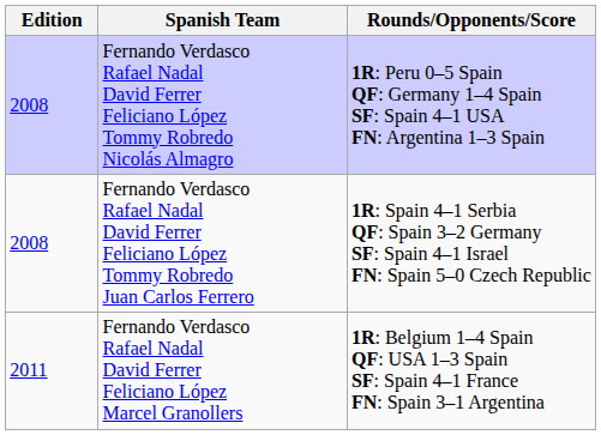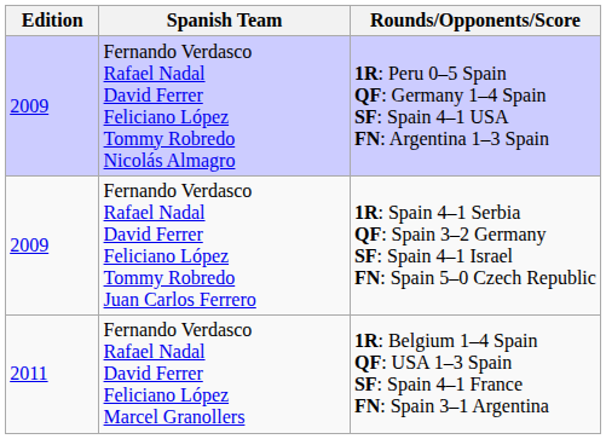 <table class=wikitable>
 <tr>
 <th width=70>Edition</th>
 <th width=200> Spanish Team</th>
 <th width=200>Rounds/Opponents/Score</th>
 </tr>
 <tr bgcolor=CCCCFF>
-<td><a href='#'>2008</a></td>
+<td><a href='#'>2009</a></td>
 <td>Fernando Verdasco<br><a href='#'>Rafael Nadal</a><br><a href='#'>David Ferrer</a><br><a href='#'>Feliciano López</a><br><a href='#'>Tommy Robredo</a><br><a href='#'>Nicolás Almagro</a></td>
 <td><strong>1R</strong>: Peru 0–5 Spain<br><strong>QF</strong>: Germany 1–4 Spain<br><strong>SF</strong>: Spain 4–1 USA<br><strong>FN</strong>: Argentina 1–3 Spain<br></td>
 </tr>
 <tr>
-<td><a href='#'>2008</a></td>
+<td><a href='#'>2009</a></td>
 <td>Fernando Verdasco<br><a href='#'>Rafael Nadal</a><br><a href='#'>David Ferrer</a><br><a href='#'>Feliciano López</a><br><a href='#'>Tommy Robredo</a><br><a href='#'>Juan Carlos Ferrero</a></td>
 <td><strong>1R</strong>: Spain 4–1 Serbia<br><strong>QF</strong>: Spain 3–2 Germany<br><strong>SF</strong>: Spain 4–1 Israel<br><strong>FN</strong>: Spain 5–0 Czech Republic<br></td>
 </tr>
 <tr>
 <td><a href='#'>2011</a></td>
 <td>Fernando Verdasco<br><a href='#'>Rafael Nadal</a><br><a href='#'>David Ferrer</a><br><a href='#'>Feliciano López</a><br><a href='#'>Marcel Granollers</a></td>
 <td><strong>1R</strong>: Belgium 1–4 Spain<br><strong>QF</strong>: USA 1–3 Spain<br><strong>SF</strong>: Spain 4–1 France<br><strong>FN</strong>: Spain 3–1 Argentina<br></td>
 </tr>
 </table>
